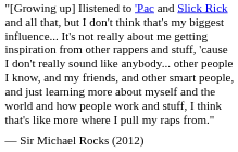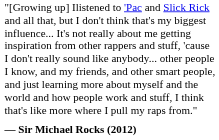 <table class="toccolours" style="float: right; margin-left: 1em; margin-right: 2em; font-size: 85%; background:offwhite; color:black; width:20em; max-width: 40%;" cellspacing="5">
 <tr>
 <td style="text-align: left;">"[Growing up] Ilistened to <a href='#'>'Pac</a> and <a href='#'>Slick Rick</a> and all that, but I don't think that's my biggest influence... It's not really about me getting inspiration from other rappers and stuff, 'cause I don't really sound like anybody... other people I know, and my friends, and other smart people, and just learning more about myself and the world and how people work and stuff, I think that's like more where I pull my raps from."</td>
 </tr>
 <tr>
-<td style="text-align: left;">— Sir Michael Rocks (2012)</td>
+<td style="text-align: left;"><strong>— Sir Michael Rocks (2012)</strong></td>
 </tr>
 </table>
